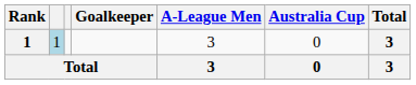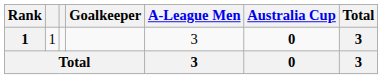 <table class="wikitable" style="text-align:center">
 <tr>
 <th>Rank</th>
 <th></th>
 <th></th>
 <th>Goalkeeper</th>
 <th><a href='#'>A-League Men</a></th>
 <th><a href='#'>Australia Cup</a></th>
 <th>Total</th>
 </tr>
 <tr>
 <th>1</th>
-<td style="background: lightblue;">1</td>
+<td>1</td>
 <td></td>
 <td align="left"></td>
 <td>3</td>
-<td>0</td>
+<td><strong>0</strong></td>
 <th>3</th>
 </tr>
 <tr>
 <th colspan="4">Total</th>
 <th>3</th>
 <th>0</th>
 <th>3</th>
 </tr>
 </table>
